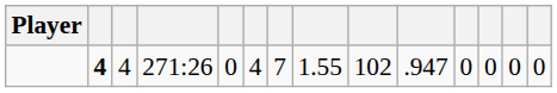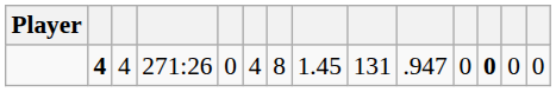 <table class="wikitable sortable" style="text-align:center;">
 <tr style="text-align:center; background:#ddd;">
 <th>Player</th>
 <th></th>
 <th></th>
 <th></th>
 <th></th>
 <th></th>
 <th></th>
 <th></th>
 <th></th>
 <th></th>
 <th></th>
 <th></th>
 <th></th>
 <th></th>
 </tr>
 <tr align=center>
 <td style=white-space:nowrap></td>
 <td><strong>4</strong></td>
 <td>4</td>
 <td>271:26</td>
 <td>0</td>
 <td>4</td>
-<td>7</td>
-<td>1.55</td>
-<td>102</td>
+<td>8</td>
+<td>1.45</td>
+<td>131</td>
 <td>.947</td>
 <td>0</td>
-<td>0</td>
+<td><strong>0</strong></td>
 <td>0</td>
 <td>0</td>
 </tr>
 </table>
